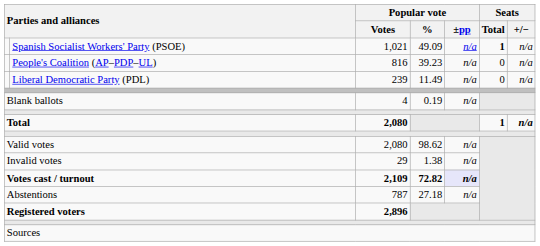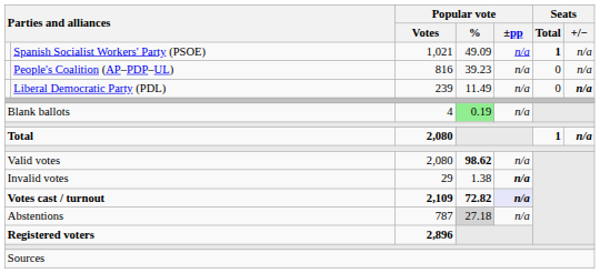 <table class="wikitable" style="text-align:right;">
 <tr>
 <th style="text-align:left;" rowspan="2" colspan="2" width="525">Parties and alliances</th>
 <th colspan="3">Popular vote</th>
 <th colspan="2">Seats</th>
 </tr>
 <tr>
 <th width="75">Votes</th>
 <th width="45">%</th>
 <th width="45">±<a href='#'>pp</a></th>
 <th width="35">Total</th>
 <th width="35">+/−</th>
 </tr>
 <tr>
 <td width="1" style="color:inherit;background:"></td>
 <td align="left"><a href='#'>Spanish Socialist Workers' Party</a> (PSOE)</td>
 <td>1,021</td>
 <td>49.09</td>
 <td><em><a href='#'>n/a</a></em></td>
 <td><strong>1</strong></td>
 <td><em>n/a</em></td>
 </tr>
 <tr>
 <td style="color:inherit;background:"></td>
 <td align="left"><a href='#'>People's Coalition</a> (<a href='#'>AP</a>–<a href='#'>PDP</a>–<a href='#'>UL</a>)</td>
 <td>816</td>
 <td>39.23</td>
 <td><em>n/a</em></td>
 <td>0</td>
 <td><em>n/a</em></td>
 </tr>
 <tr>
 <td style="color:inherit;background:"></td>
 <td align="left"><a href='#'>Liberal Democratic Party</a> (PDL)</td>
 <td>239</td>
 <td>11.49</td>
 <td><em>n/a</em></td>
 <td>0</td>
-<td><em>n/a</em></td>
+<td><strong><em>n/a</em></strong></td>
 </tr>
 <tr>
 <td colspan="7" bgcolor="#C0C0C0"></td>
 </tr>
 <tr>
 <td align="left" colspan="2">Blank ballots</td>
 <td>4</td>
-<td>0.19</td>
+<td style="background: lightgreen;">0.19</td>
 <td><em>n/a</em></td>
 <td bgcolor="#E9E9E9" colspan="2"></td>
 </tr>
 <tr>
 <td colspan="7" bgcolor="#E9E9E9"></td>
 </tr>
 <tr style="font-weight:bold;">
 <td align="left" colspan="2">Total</td>
 <td>2,080</td>
 <td bgcolor="#E9E9E9" colspan="2"></td>
 <td>1</td>
 <td><em>n/a</em></td>
 </tr>
 <tr>
 <td colspan="7" bgcolor="#E9E9E9"></td>
 </tr>
 <tr>
 <td align="left" colspan="2">Valid votes</td>
 <td>2,080</td>
-<td>98.62</td>
+<td><strong>98.62</strong></td>
 <td><em>n/a</em></td>
 <td bgcolor="#E9E9E9" colspan="2" rowspan="5"></td>
 </tr>
 <tr>
 <td align="left" colspan="2">Invalid votes</td>
 <td>29</td>
 <td>1.38</td>
-<td><em>n/a</em></td>
+<td><strong><em>n/a</em></strong></td>
 </tr>
 <tr style="font-weight:bold;">
 <td align="left" colspan="2">Votes cast / turnout</td>
 <td>2,109</td>
 <td>72.82</td>
 <td style="background: lavender;"><em>n/a</em></td>
 </tr>
 <tr>
 <td align="left" colspan="2">Abstentions</td>
 <td>787</td>
-<td>27.18</td>
+<td style="background: lightgrey;">27.18</td>
 <td><em>n/a</em></td>
 </tr>
 <tr style="font-weight:bold;">
 <td align="left" colspan="2">Registered voters</td>
 <td>2,896</td>
 <td bgcolor="#E9E9E9" colspan="2"></td>
 </tr>
 <tr>
 <td colspan="7" bgcolor="#E9E9E9"></td>
 </tr>
 <tr>
 <td align="left" colspan="7">Sources</td>
 </tr>
 </table>
